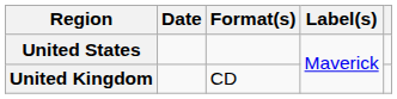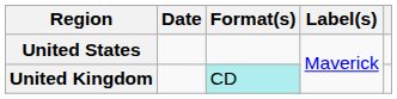 <table class="wikitable plainrowheaders">
 <tr>
 <th scope="col">Region</th>
 <th scope="col">Date</th>
 <th scope="col">Format(s)</th>
 <th scope="col">Label(s)</th>
 <th scope="col"></th>
 </tr>
 <tr>
 <th scope="row">United States</th>
 <td></td>
 <td></td>
 <td rowspan="2"><a href='#'>Maverick</a></td>
 <td></td>
 </tr>
 <tr>
 <th scope="row">United Kingdom</th>
 <td></td>
-<td>CD</td>
+<td style="background: paleturquoise;">CD</td>
 <td></td>
 </tr>
 </table>
